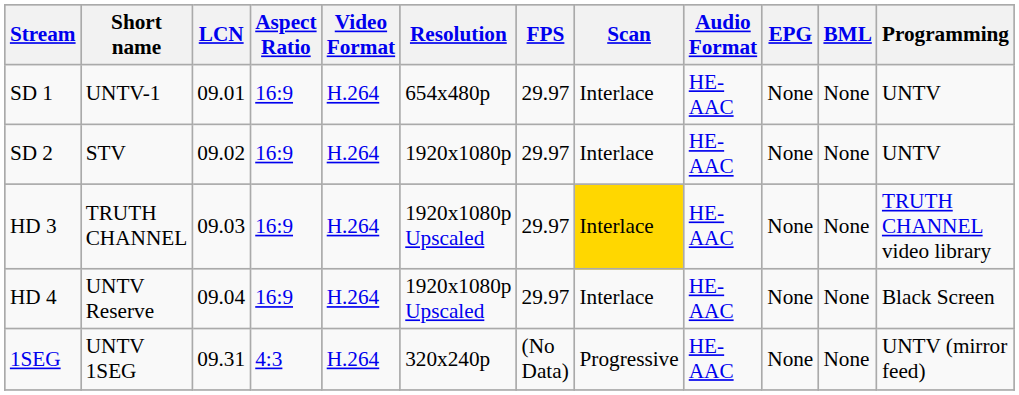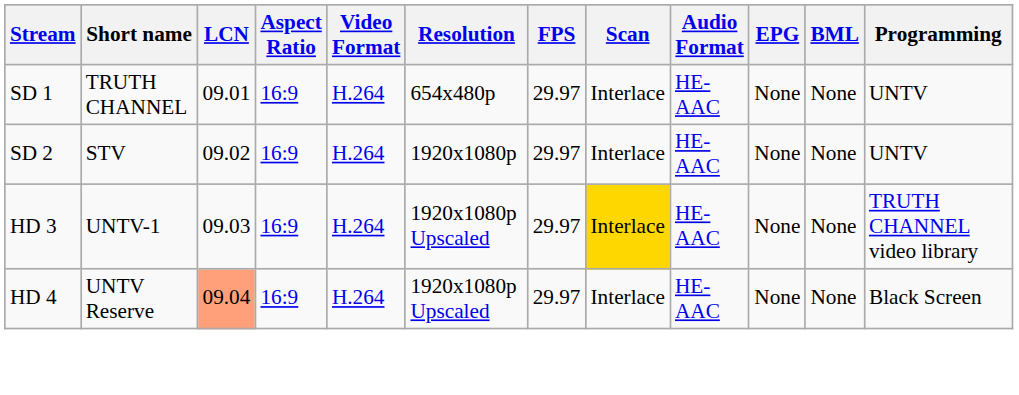 <table class="wikitable">
 <tr style="font-size:80%">
 <th><a href='#'>Stream</a></th>
 <th>Short name</th>
 <th><a href='#'>LCN</a></th>
 <th><a href='#'>Aspect<br> Ratio</a></th>
 <th><a href='#'>Video<br> Format</a></th>
 <th><a href='#'>Resolution</a></th>
 <th><a href='#'>FPS</a></th>
 <th><a href='#'>Scan</a></th>
 <th><a href='#'>Audio<br> Format</a></th>
 <th><a href='#'>EPG</a></th>
 <th><a href='#'>BML</a></th>
 <th>Programming</th>
 </tr>
 <tr style="font-size:80%">
 <td>SD 1</td>
-<td>UNTV-1</td>
+<td>TRUTH CHANNEL</td>
 <td>09.01</td>
 <td><a href='#'>16:9</a></td>
 <td><a href='#'>H.264</a></td>
 <td>654x480p</td>
 <td>29.97</td>
 <td>Interlace</td>
 <td><a href='#'>HE-AAC</a></td>
 <td>None</td>
 <td>None</td>
 <td>UNTV</td>
 </tr>
 <tr style="font-size:80%">
 <td>SD 2</td>
 <td>STV</td>
 <td>09.02</td>
 <td><a href='#'>16:9</a></td>
 <td><a href='#'>H.264</a></td>
 <td>1920x1080p</td>
 <td>29.97</td>
 <td>Interlace</td>
 <td><a href='#'>HE-AAC</a></td>
 <td>None</td>
 <td>None</td>
 <td>UNTV</td>
 </tr>
 <tr style="font-size:80%">
 <td>HD 3</td>
-<td>TRUTH CHANNEL</td>
+<td>UNTV-1</td>
 <td>09.03</td>
 <td><a href='#'>16:9</a></td>
 <td><a href='#'>H.264</a></td>
 <td>1920x1080p <a href='#'>Upscaled</a></td>
 <td>29.97</td>
 <td style="background: gold;">Interlace</td>
 <td><a href='#'>HE-AAC</a></td>
 <td>None</td>
 <td>None</td>
 <td><a href='#'>TRUTH CHANNEL</a> video library</td>
 </tr>
 <tr style="font-size:80%">
 <td>HD 4</td>
 <td>UNTV Reserve</td>
-<td>09.04</td>
+<td style="background: lightsalmon;">09.04</td>
 <td><a href='#'>16:9</a></td>
 <td><a href='#'>H.264</a></td>
 <td>1920x1080p <a href='#'>Upscaled</a></td>
 <td>29.97</td>
 <td>Interlace</td>
 <td><a href='#'>HE-AAC</a></td>
 <td>None</td>
 <td>None</td>
 <td>Black Screen</td>
 </tr>
-<tr style="font-size:80%">
-<td><a href='#'>1SEG</a></td>
-<td>UNTV 1SEG</td>
-<td>09.31</td>
-<td><a href='#'>4:3</a></td>
-<td><a href='#'>H.264</a></td>
-<td>320x240p</td>
-<td>(No Data)</td>
-<td>Progressive</td>
-<td><a href='#'>HE-AAC</a></td>
-<td>None</td>
-<td>None</td>
-<td>UNTV (mirror feed)</td>
-</tr>
 </table>
